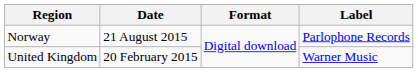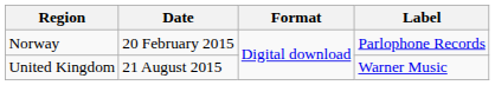 <table class=wikitable>
 <tr>
 <th>Region</th>
 <th>Date</th>
 <th>Format</th>
 <th>Label</th>
 </tr>
 <tr>
 <td>Norway</td>
-<td>21 August 2015</td>
+<td>20 February 2015</td>
 <td rowspan="2"><a href='#'>Digital download</a></td>
 <td><a href='#'>Parlophone Records</a></td>
 </tr>
 <tr>
 <td>United Kingdom</td>
-<td>20 February 2015</td>
+<td>21 August 2015</td>
 <td><a href='#'>Warner Music</a></td>
 </tr>
 </table>
